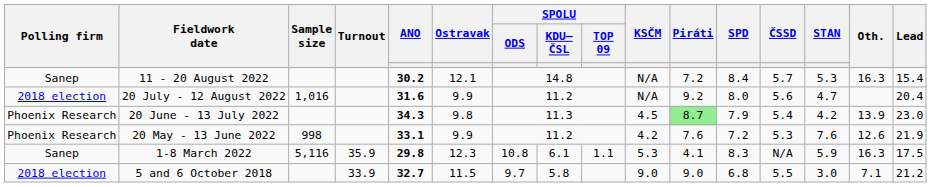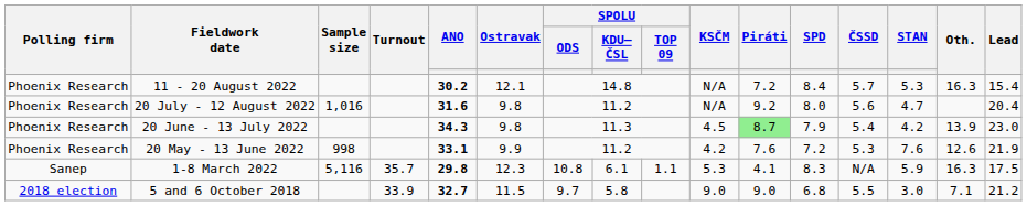 <table class="wikitable mw-collapsible sortable" style="text-align:center;font-size:90%;line-height:14px;">
 <tr>
 <th rowspan="3">Polling firm</th>
 <th rowspan="3">Fieldwork<br>date</th>
 <th rowspan="3">Sample<br>size</th>
 <th rowspan="3">Turnout</th>
 <th rowspan="2" class="unsortable" style="width:40px;"><a href='#'>ANO</a></th>
 <th rowspan="2" class="unsortable" style="width:40px;"><a href='#'>Ostravak</a></th>
 <th colspan="3" class="unsortable" style="width:40px;"><a href='#'>SPOLU</a></th>
 <th rowspan="2" class="unsortable" style="width:40px;"><a href='#'>KSČM</a></th>
 <th rowspan="2" class="unsortable" style="width:40px;"><a href='#'>Piráti</a></th>
 <th rowspan="2" class="unsortable" style="width:40px;"><a href='#'>SPD</a></th>
 <th rowspan="2" class="unsortable" style="width:40px;"><a href='#'>ČSSD</a></th>
 <th rowspan="2" class="unsortable" style="width:40px;"><a href='#'>STAN</a></th>
 <th rowspan="3" style="width:40px;">Oth.</th>
 <th rowspan="3" style="width:25px;">Lead</th>
 </tr>
 <tr style="height:40px;">
 <th class="unsortable" style="width:40px;"><a href='#'>ODS</a></th>
 <th class="unsortable" style="width:40px;"><a href='#'>KDU–<br>ČSL</a></th>
 <th class="unsortable" style="width:40px;"><a href='#'>TOP 09</a></th>
 </tr>
 <tr>
 <th class="unsortable" style="color:inherit;background:"></th>
 <th class="unsortable" style="color:inherit;background:"></th>
 <th class="unsortable" style="color:inherit;background:"></th>
 <th class="unsortable" style="color:inherit;background:"></th>
 <th class="unsortable" style="color:inherit;background:"></th>
 <th class="unsortable" style="color:inherit;background:"></th>
 <th class="unsortable" style="color:inherit;background:"></th>
 <th class="unsortable" style="color:inherit;background:"></th>
 <th class="unsortable" style="color:inherit;background:"></th>
 <th class="unsortable" style="color:inherit;background:"></th>
 </tr>
 <tr>
-<td>Sanep</td>
+<td>Phoenix Research</td>
 <td>11 - 20 August 2022</td>
 <td></td>
 <td></td>
 <td><strong>30.2</strong></td>
 <td>12.1</td>
 <td colspan="3">14.8</td>
 <td>N/A</td>
 <td>7.2</td>
 <td>8.4</td>
 <td>5.7</td>
 <td>5.3</td>
 <td>16.3</td>
 <td style="background:">15.4</td>
 </tr>
 <tr>
-<td><a href='#'>2018 election</a></td>
+<td>Phoenix Research</td>
 <td>20 July - 12 August 2022</td>
 <td>1,016</td>
 <td></td>
 <td><strong>31.6</strong></td>
-<td>9.9</td>
+<td>9.8</td>
 <td colspan="3">11.2</td>
 <td>N/A</td>
 <td>9.2</td>
 <td>8.0</td>
 <td>5.6</td>
 <td>4.7</td>
 <td></td>
 <td style="background:">20.4</td>
 </tr>
 <tr>
 <td>Phoenix Research</td>
 <td>20 June - 13 July 2022</td>
 <td></td>
 <td></td>
 <td><strong>34.3</strong></td>
 <td>9.8</td>
 <td colspan="3">11.3</td>
 <td>4.5</td>
 <td style="background: lightgreen;">8.7</td>
 <td>7.9</td>
 <td>5.4</td>
 <td>4.2</td>
 <td>13.9</td>
 <td style="background:">23.0</td>
 </tr>
 <tr>
 <td>Phoenix Research</td>
 <td>20 May - 13 June 2022</td>
 <td>998</td>
 <td></td>
 <td><strong>33.1</strong></td>
 <td>9.9</td>
 <td colspan="3">11.2</td>
 <td>4.2</td>
 <td>7.6</td>
 <td>7.2</td>
 <td>5.3</td>
 <td>7.6</td>
 <td>12.6</td>
 <td style="background:">21.9</td>
 </tr>
 <tr>
 <td>Sanep</td>
 <td>1-8 March 2022</td>
 <td>5,116</td>
-<td>35.9</td>
+<td>35.7</td>
 <td><strong>29.8</strong></td>
 <td>12.3</td>
 <td>10.8</td>
 <td>6.1</td>
 <td>1.1</td>
 <td>5.3</td>
 <td>4.1</td>
 <td>8.3</td>
 <td>N/A</td>
 <td>5.9</td>
 <td>16.3</td>
 <td style="background:">17.5</td>
 </tr>
 <tr>
 <td><a href='#'>2018 election</a></td>
 <td>5 and 6 October 2018</td>
 <td></td>
 <td>33.9</td>
 <td><strong>32.7</strong></td>
 <td>11.5</td>
 <td>9.7</td>
 <td>5.8</td>
 <td></td>
 <td>9.0</td>
 <td>9.0</td>
 <td>6.8</td>
 <td>5.5</td>
 <td>3.0</td>
 <td>7.1</td>
 <td style="background:">21.2</td>
 </tr>
 </table>
